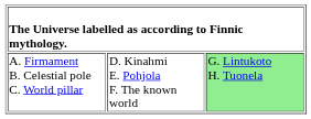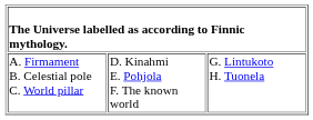 <table border="1" align="right" width="390">
 <tr>
 <td colspan="3"><br><strong>The Universe labelled as according to Finnic mythology.</strong></td>
 </tr>
 <tr>
 <td valign="top" width="130">A. <a href='#'>Firmament</a><br>B. Celestial pole<br>C. <a href='#'>World pillar</a></td>
 <td valign="top" width="130">D. Kinahmi<br>E. <a href='#'>Pohjola</a><br>F. The known world</td>
-<td valign="top" width="130" style="background: lightgreen;">G. <a href='#'>Lintukoto</a><br>H. <a href='#'>Tuonela</a></td>
+<td valign="top" width="130">G. <a href='#'>Lintukoto</a><br>H. <a href='#'>Tuonela</a></td>
 </tr>
 </table>
